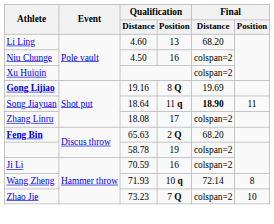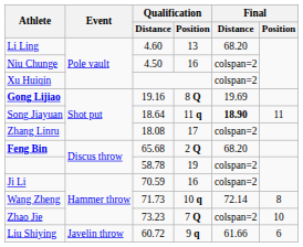 <table class=wikitable style=font-size:90%>
 <tr>
 <th rowspan=2>Athlete</th>
 <th rowspan=2>Event</th>
 <th colspan=2>Qualification</th>
 <th colspan=2>Final</th>
 </tr>
 <tr style=font-size:95%>
 <th>Distance</th>
 <th>Position</th>
 <th>Distance</th>
 <th>Position</th>
 </tr>
 <tr style=text-align:center>
 <td style=text-align:left><a href='#'>Li Ling</a></td>
 <td style=text-align:left rowspan=3><a href='#'>Pole vault</a></td>
 <td>4.60</td>
 <td>13</td>
 <td>68.20 </td>
 </tr>
 <tr style=text-align:center>
 <td style=text-align:left><a href='#'>Niu Chunge</a></td>
 <td>4.50</td>
 <td>16</td>
 <td>colspan=2 </td>
 </tr>
 <tr style=text-align:center>
 <td style=text-align:left><a href='#'>Xu Huiqin</a></td>
 <td colspan=2></td>
 <td>colspan=2 </td>
 </tr>
 <tr style=text-align:center>
 <td style=text-align:left><strong><a href='#'>Gong Lijiao</a></strong></td>
 <td style=text-align:left rowspan=3><a href='#'>Shot put</a></td>
 <td>19.16</td>
 <td>8 <strong>Q</strong></td>
 <td>19.69</td>
 <td></td>
 </tr>
 <tr style=text-align:center>
 <td style=text-align:left><a href='#'>Song Jiayuan</a></td>
 <td>18.64</td>
 <td>11 <strong>q</strong></td>
 <td><strong>18.90</strong></td>
 <td>11</td>
 </tr>
 <tr style=text-align:center>
 <td style=text-align:left><a href='#'>Zhang Linru</a></td>
 <td>18.08</td>
 <td>17</td>
 <td>colspan=2 </td>
 </tr>
 <tr style=text-align:center>
 <td style=text-align:left><strong><a href='#'>Feng Bin</a></strong></td>
 <td style=text-align:left rowspan=2><a href='#'>Discus throw</a></td>
-<td>65.63</td>
+<td>65.68</td>
 <td>2 <strong>Q</strong></td>
 <td>68.20 </td>
 <td></td>
 </tr>
 <tr style=text-align:center>
 <td style=text-align:left></td>
 <td>58.78</td>
 <td>19</td>
 <td>colspan=2 </td>
 </tr>
 <tr style=text-align:center>
 <td style=text-align:left><a href='#'>Ji Li</a></td>
 <td style=text-align:left rowspan=3><a href='#'>Hammer throw</a></td>
 <td>70.59</td>
 <td>16</td>
 <td>colspan=2 </td>
 </tr>
 <tr style=text-align:center>
 <td style=text-align:left><a href='#'>Wang Zheng</a></td>
-<td>71.93</td>
+<td>71.73</td>
 <td>10 <strong>q</strong></td>
 <td>72.14</td>
 <td>8</td>
 </tr>
 <tr style=text-align:center>
 <td style=text-align:left><a href='#'>Zhao Jie</a></td>
 <td>73.23 </td>
 <td>7 <strong>Q</strong></td>
 <td>colspan=2 </td>
 <td>10</td>
 </tr>
+<tr style=text-align:center>
+<td style=text-align:left><a href='#'>Liu Shiying</a></td>
+<td style=text-align:left><a href='#'>Javelin throw</a></td>
+<td>60.72</td>
+<td>9 <strong>q</strong></td>
+<td>61.66 </td>
+<td>6</td>
+</tr>
 </table>
